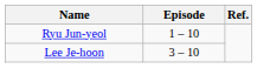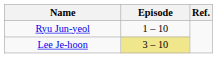 <table class="wikitable" style="text-align:center">
 <tr>
 <th style=width:175px>Name</th>
 <th style=width:100px>Episode</th>
 <th>Ref.</th>
 </tr>
 <tr>
 <td><a href='#'>Ryu Jun-yeol</a></td>
 <td>1 – 10</td>
 <td rowspan=2></td>
 </tr>
 <tr>
 <td><a href='#'>Lee Je-hoon</a></td>
-<td>3 – 10</td>
+<td style="background: khaki;">3 – 10</td>
 </tr>
 </table>
